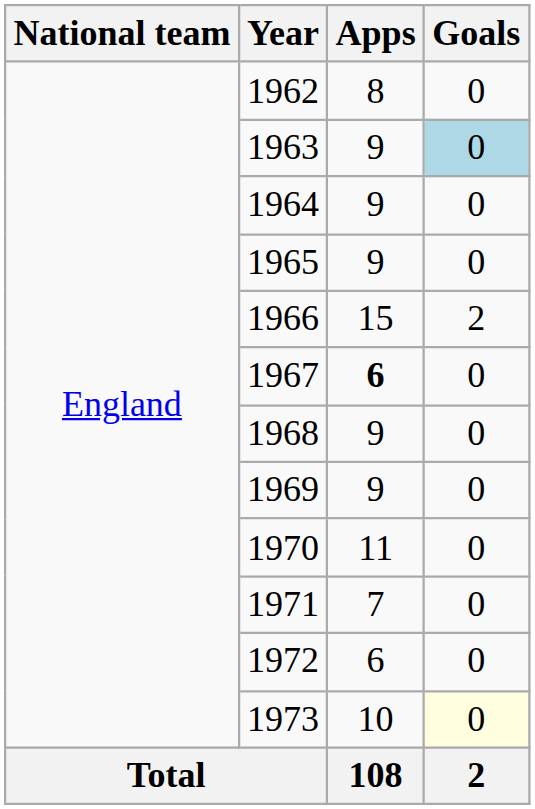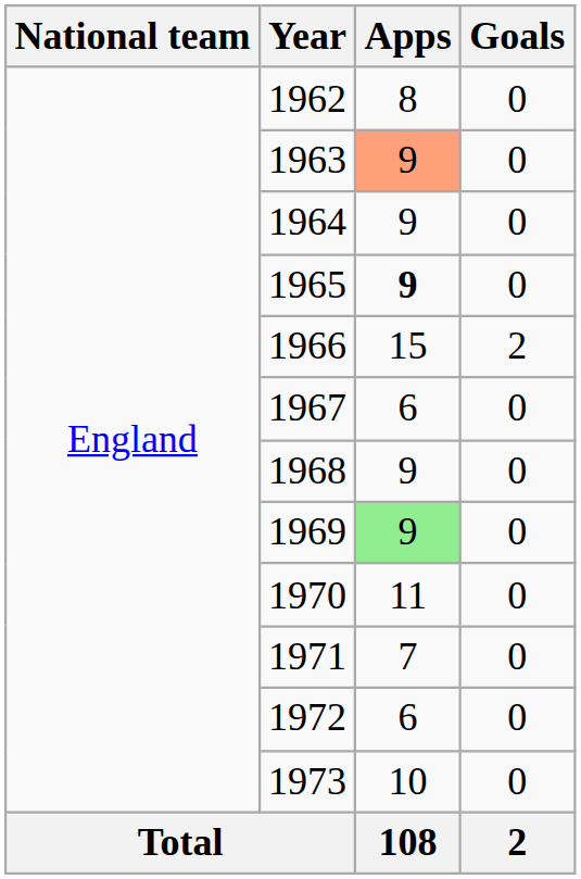 <table class="wikitable" style="text-align:center">
 <tr>
 <th>National team</th>
 <th>Year</th>
 <th>Apps</th>
 <th>Goals</th>
 </tr>
 <tr>
 <td rowspan="12"><a href='#'>England</a></td>
 <td>1962</td>
 <td>8</td>
 <td>0</td>
 </tr>
 <tr>
 <td>1963</td>
-<td>9</td>
-<td style="background: lightblue;">0</td>
+<td style="background: lightsalmon;">9</td>
+<td>0</td>
 </tr>
 <tr>
 <td>1964</td>
 <td>9</td>
 <td>0</td>
 </tr>
 <tr>
 <td>1965</td>
-<td>9</td>
+<td><strong>9</strong></td>
 <td>0</td>
 </tr>
 <tr>
 <td>1966</td>
 <td>15</td>
 <td>2</td>
 </tr>
 <tr>
 <td>1967</td>
-<td><strong>6</strong></td>
+<td>6</td>
 <td>0</td>
 </tr>
 <tr>
 <td>1968</td>
 <td>9</td>
 <td>0</td>
 </tr>
 <tr>
 <td>1969</td>
-<td>9</td>
+<td style="background: lightgreen;">9</td>
 <td>0</td>
 </tr>
 <tr>
 <td>1970</td>
 <td>11</td>
 <td>0</td>
 </tr>
 <tr>
 <td>1971</td>
 <td>7</td>
 <td>0</td>
 </tr>
 <tr>
 <td>1972</td>
 <td>6</td>
 <td>0</td>
 </tr>
 <tr>
 <td>1973</td>
 <td>10</td>
-<td style="background: lightyellow;">0</td>
+<td>0</td>
 </tr>
 <tr>
 <th colspan="2">Total</th>
 <th>108</th>
 <th>2</th>
 </tr>
 </table>
